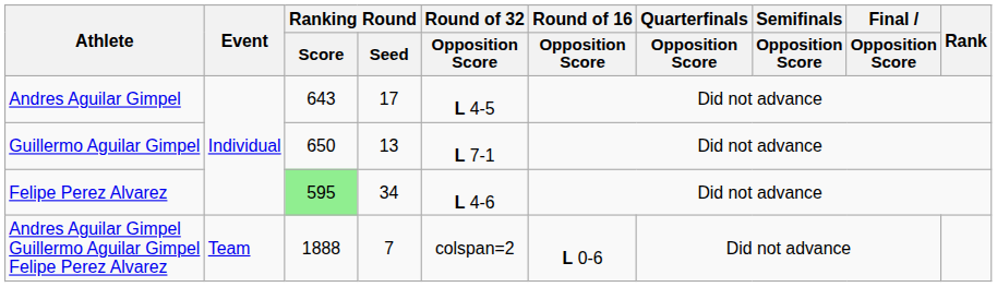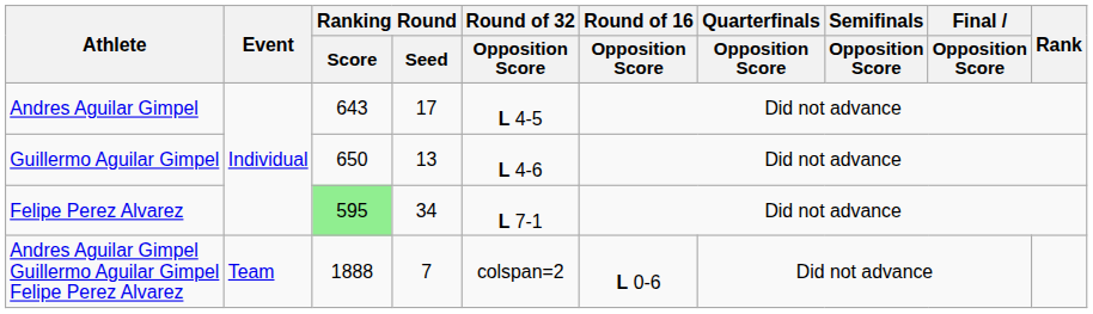 <table class="wikitable" style="font-size:90%">
 <tr>
 <th rowspan="2">Athlete</th>
 <th rowspan="2">Event</th>
 <th colspan="2">Ranking Round</th>
 <th>Round of 32</th>
 <th>Round of 16</th>
 <th>Quarterfinals</th>
 <th>Semifinals</th>
 <th>Final / </th>
 <th rowspan="2">Rank</th>
 </tr>
 <tr style="font-size:95%">
 <th>Score</th>
 <th>Seed</th>
 <th>Opposition<br>Score</th>
 <th>Opposition<br>Score</th>
 <th>Opposition<br>Score</th>
 <th>Opposition<br>Score</th>
 <th>Opposition<br>Score</th>
 </tr>
 <tr align=center>
 <td align=left><a href='#'>Andres Aguilar Gimpel</a></td>
 <td align=left rowspan=3><a href='#'>Individual</a></td>
 <td>643</td>
 <td>17</td>
 <td><br><strong>L</strong> 4-5</td>
 <td colspan="5">Did not advance</td>
 </tr>
 <tr align=center>
 <td align=left><a href='#'>Guillermo Aguilar Gimpel</a></td>
 <td>650</td>
 <td>13</td>
-<td><br><strong>L</strong> 7-1</td>
+<td><br><strong>L</strong> 4-6</td>
 <td colspan="5">Did not advance</td>
 </tr>
 <tr align=center>
 <td align=left><a href='#'>Felipe Perez Alvarez</a></td>
 <td style="background: lightgreen;">595</td>
 <td>34</td>
-<td><br><strong>L</strong> 4-6</td>
+<td><br><strong>L</strong> 7-1</td>
 <td colspan="5">Did not advance</td>
 </tr>
 <tr align=center>
 <td align=left><a href='#'>Andres Aguilar Gimpel</a><br><a href='#'>Guillermo Aguilar Gimpel</a><br><a href='#'>Felipe Perez Alvarez</a></td>
 <td align=left><a href='#'>Team</a></td>
 <td>1888</td>
 <td>7</td>
 <td>colspan=2 </td>
 <td><br><strong>L</strong> 0-6</td>
 <td colspan="3">Did not advance</td>
 </tr>
 </table>
